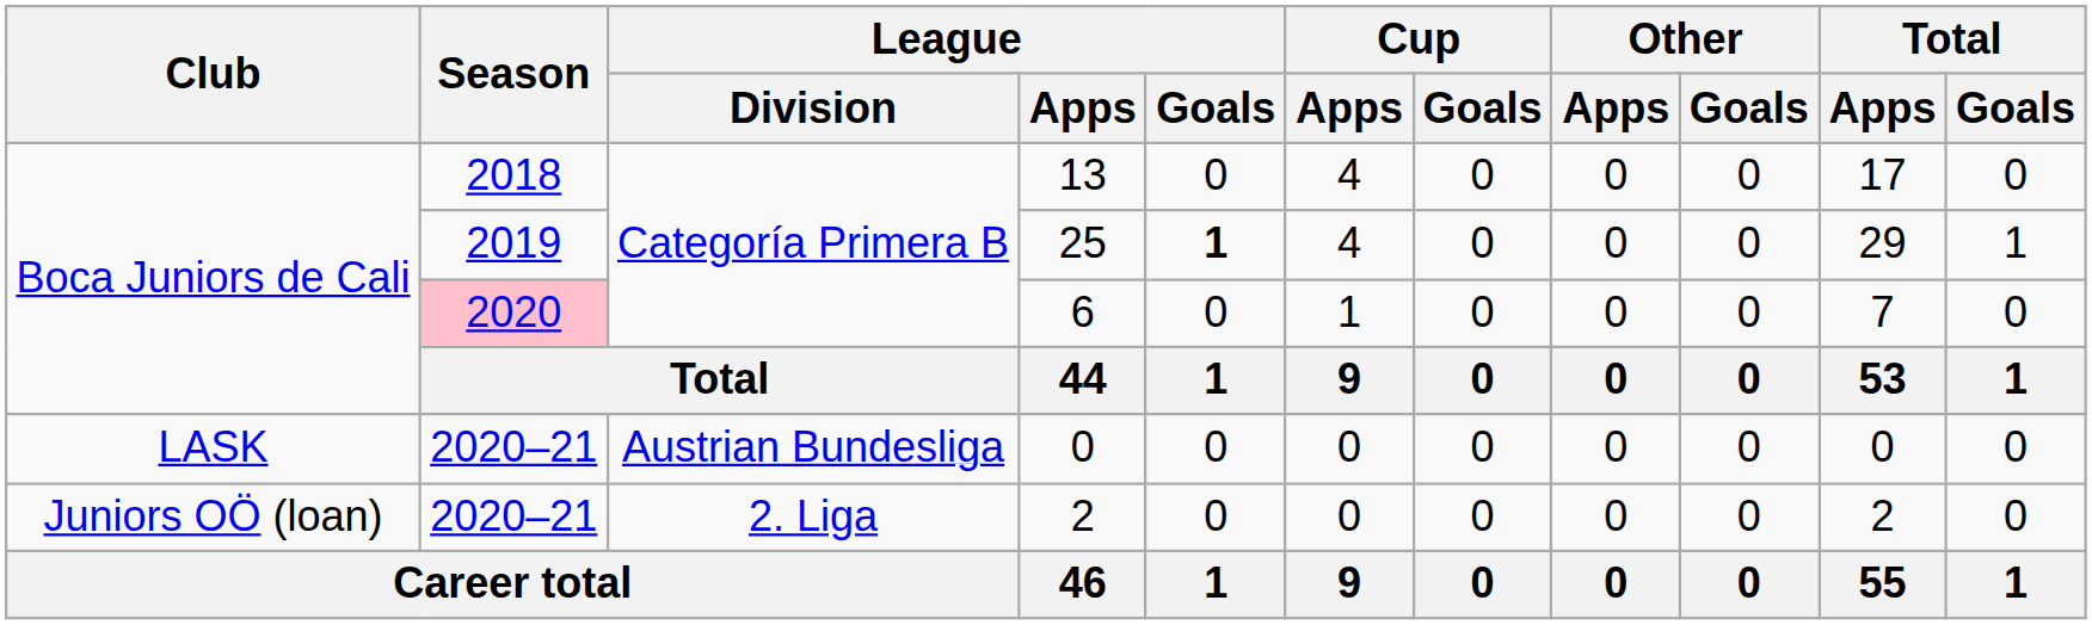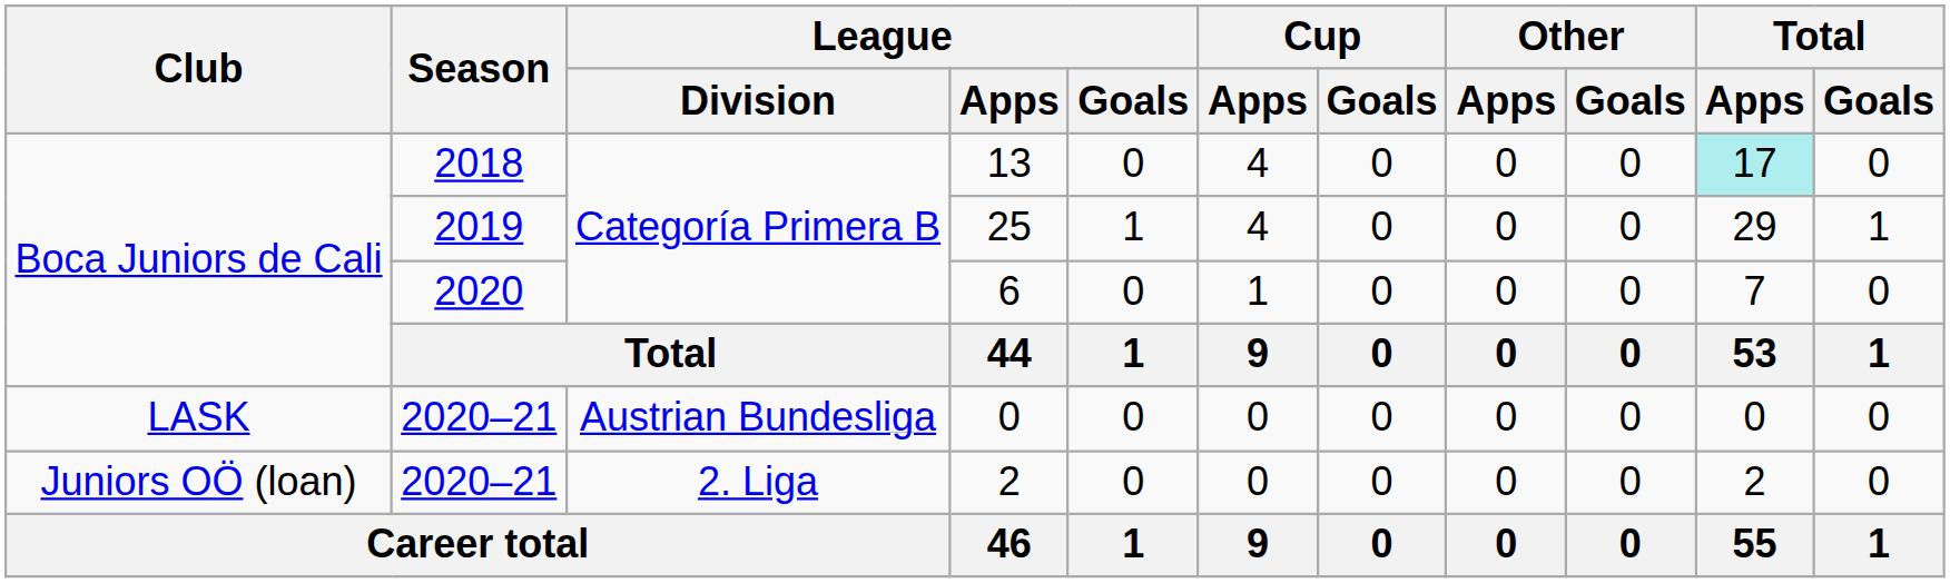 <table class="wikitable" style="text-align: center">
 <tr>
 <th rowspan="2">Club</th>
 <th rowspan="2">Season</th>
 <th colspan="3">League</th>
 <th colspan="2">Cup</th>
 <th colspan="2">Other</th>
 <th colspan="2">Total</th>
 </tr>
 <tr>
 <th>Division</th>
 <th>Apps</th>
 <th>Goals</th>
 <th>Apps</th>
 <th>Goals</th>
 <th>Apps</th>
 <th>Goals</th>
 <th>Apps</th>
 <th>Goals</th>
 </tr>
 <tr>
 <td rowspan="4"><a href='#'>Boca Juniors de Cali</a></td>
 <td><a href='#'>2018</a></td>
 <td rowspan="3"><a href='#'>Categoría Primera B</a></td>
 <td>13</td>
 <td>0</td>
 <td>4</td>
 <td>0</td>
 <td>0</td>
 <td>0</td>
-<td>17</td>
+<td style="background: paleturquoise;">17</td>
 <td>0</td>
 </tr>
 <tr>
 <td><a href='#'>2019</a></td>
 <td>25</td>
-<td><strong>1</strong></td>
+<td>1</td>
 <td>4</td>
 <td>0</td>
 <td>0</td>
 <td>0</td>
 <td>29</td>
 <td>1</td>
 </tr>
 <tr>
-<td style="background: pink;"><a href='#'>2020</a></td>
+<td><a href='#'>2020</a></td>
 <td>6</td>
 <td>0</td>
 <td>1</td>
 <td>0</td>
 <td>0</td>
 <td>0</td>
 <td>7</td>
 <td>0</td>
 </tr>
 <tr>
 <th colspan="2"><strong>Total</strong></th>
 <th>44</th>
 <th>1</th>
 <th>9</th>
 <th>0</th>
 <th>0</th>
 <th>0</th>
 <th>53</th>
 <th>1</th>
 </tr>
 <tr>
 <td><a href='#'>LASK</a></td>
 <td><a href='#'>2020–21</a></td>
 <td><a href='#'>Austrian Bundesliga</a></td>
 <td>0</td>
 <td>0</td>
 <td>0</td>
 <td>0</td>
 <td>0</td>
 <td>0</td>
 <td>0</td>
 <td>0</td>
 </tr>
 <tr>
 <td><a href='#'>Juniors OÖ</a> (loan)</td>
 <td><a href='#'>2020–21</a></td>
 <td><a href='#'>2. Liga</a></td>
 <td>2</td>
 <td>0</td>
 <td>0</td>
 <td>0</td>
 <td>0</td>
 <td>0</td>
 <td>2</td>
 <td>0</td>
 </tr>
 <tr>
 <th colspan="3"><strong>Career total</strong></th>
 <th>46</th>
 <th>1</th>
 <th>9</th>
 <th>0</th>
 <th>0</th>
 <th>0</th>
 <th>55</th>
 <th>1</th>
 </tr>
 </table>
